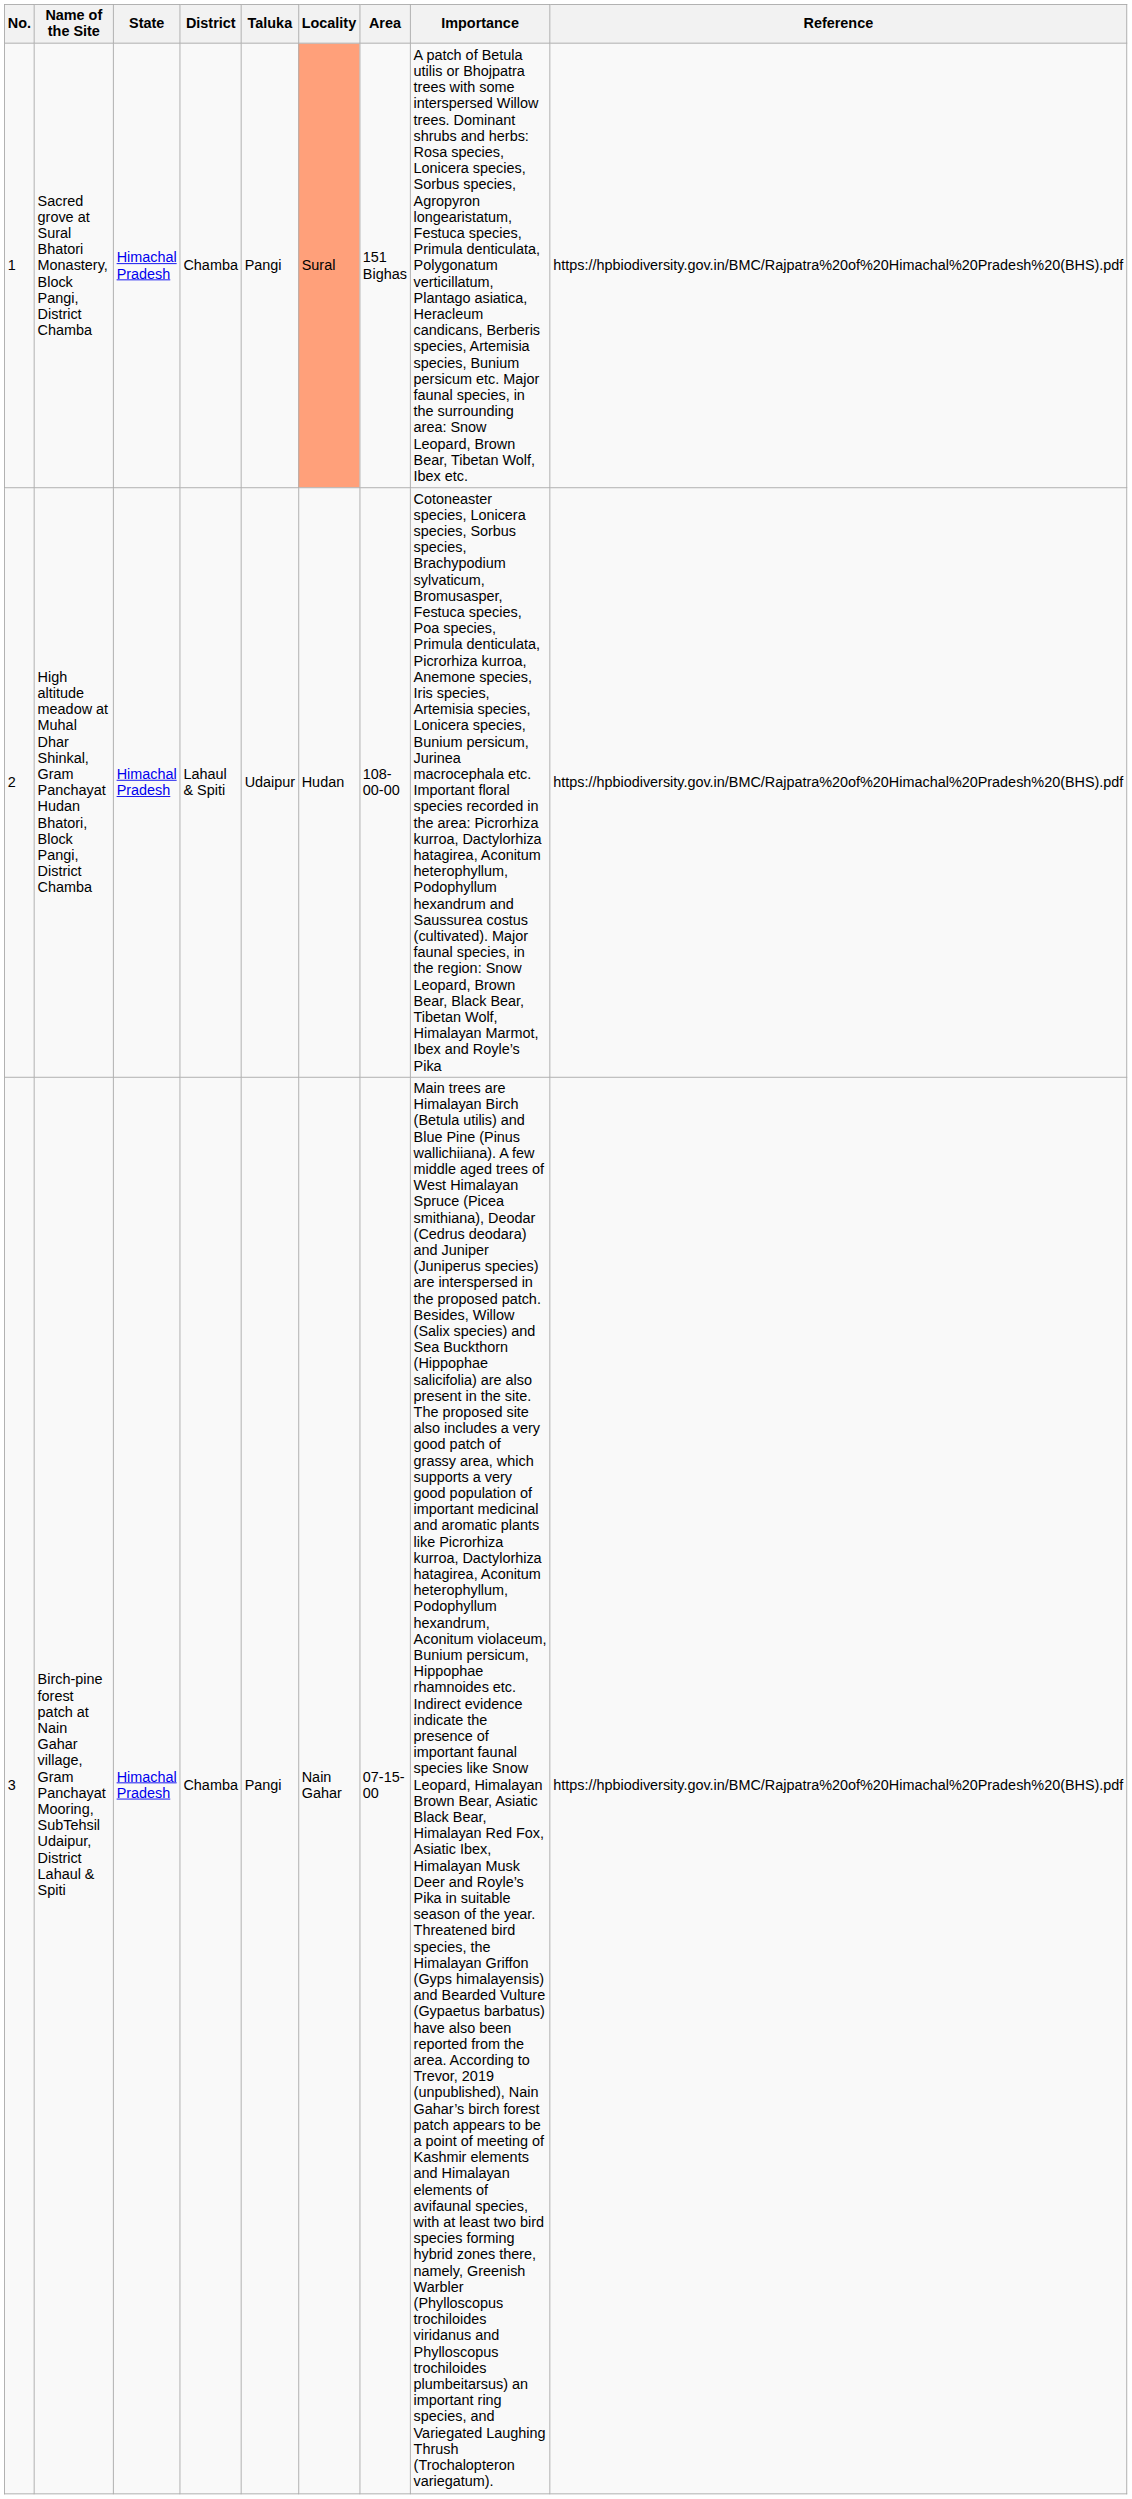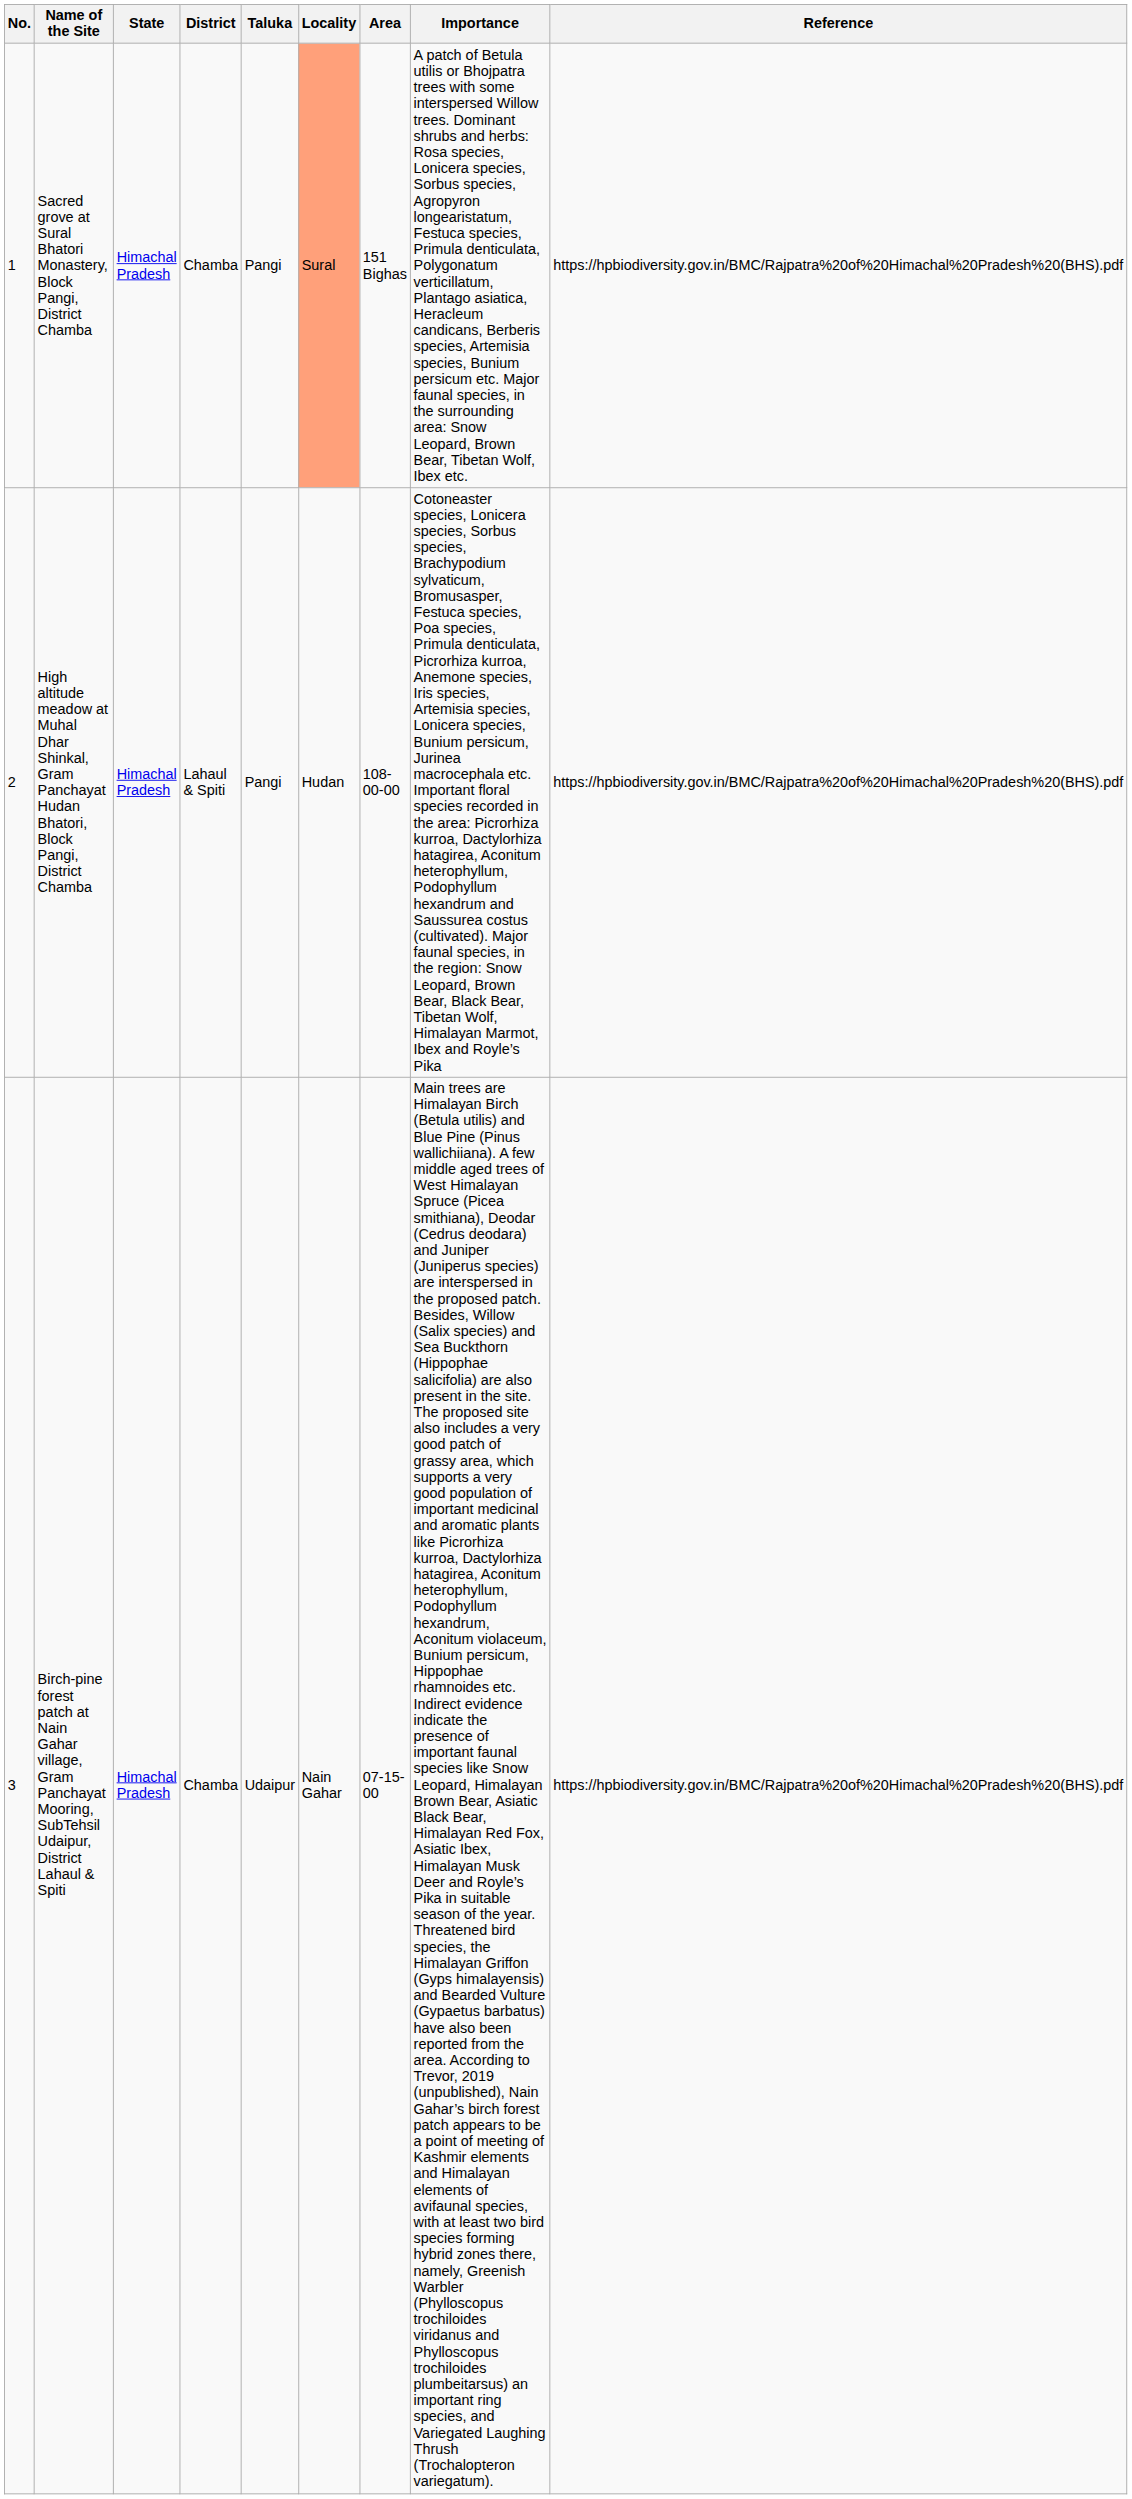 <table class="wikitable sortable">
 <tr>
 <th>No.</th>
 <th>Name of the Site</th>
 <th>State</th>
 <th>District</th>
 <th>Taluka</th>
 <th>Locality</th>
 <th>Area</th>
 <th>Importance</th>
 <th>Reference</th>
 </tr>
 <tr>
 <td>1</td>
 <td>Sacred grove at Sural Bhatori Monastery, Block Pangi, District Chamba</td>
 <td><a href='#'>Himachal Pradesh</a></td>
 <td>Chamba</td>
 <td>Pangi</td>
 <td style="background: lightsalmon;">Sural</td>
 <td>151 Bighas</td>
 <td>A patch of Betula utilis or Bhojpatra trees with some interspersed Willow trees. Dominant shrubs and herbs: Rosa species, Lonicera species, Sorbus species, Agropyron longearistatum, Festuca species, Primula denticulata, Polygonatum verticillatum, Plantago asiatica, Heracleum candicans, Berberis species, Artemisia species, Bunium persicum etc. Major faunal species, in the surrounding area: Snow Leopard, Brown Bear, Tibetan Wolf, Ibex etc.</td>
 <td>https://hpbiodiversity.gov.in/BMC/Rajpatra%20of%20Himachal%20Pradesh%20(BHS).pdf</td>
 </tr>
 <tr>
 <td>2</td>
 <td>High altitude meadow at Muhal Dhar Shinkal, Gram Panchayat Hudan Bhatori, Block Pangi, District Chamba</td>
 <td><a href='#'>Himachal Pradesh</a></td>
 <td>Lahaul & Spiti</td>
-<td>Udaipur</td>
+<td>Pangi</td>
 <td>Hudan</td>
 <td>108-00-00</td>
 <td>Cotoneaster species, Lonicera species, Sorbus species, Brachypodium sylvaticum, Bromusasper, Festuca species, Poa species, Primula denticulata, Picrorhiza kurroa, Anemone species, Iris species, Artemisia species, Lonicera species, Bunium persicum, Jurinea macrocephala etc. Important floral species recorded in the area: Picrorhiza kurroa, Dactylorhiza hatagirea, Aconitum heterophyllum, Podophyllum hexandrum and Saussurea costus (cultivated). Major faunal species, in the region: Snow Leopard, Brown Bear, Black Bear, Tibetan Wolf, Himalayan Marmot, Ibex and Royle’s Pika</td>
 <td>https://hpbiodiversity.gov.in/BMC/Rajpatra%20of%20Himachal%20Pradesh%20(BHS).pdf</td>
 </tr>
 <tr>
 <td>3</td>
 <td>Birch-pine forest patch at Nain Gahar village, Gram Panchayat Mooring, SubTehsil Udaipur, District Lahaul & Spiti</td>
 <td><a href='#'>Himachal Pradesh</a></td>
 <td>Chamba</td>
-<td>Pangi</td>
+<td>Udaipur</td>
 <td>Nain Gahar</td>
 <td>07-15-00</td>
 <td>Main trees are Himalayan Birch (Betula utilis) and Blue Pine (Pinus wallichiiana). A few middle aged trees of West Himalayan Spruce (Picea smithiana), Deodar (Cedrus deodara) and Juniper (Juniperus species) are interspersed in the proposed patch. Besides, Willow (Salix species) and Sea Buckthorn (Hippophae salicifolia) are also present in the site. The proposed site also includes a very good patch of grassy area, which supports a very good population of important medicinal and aromatic plants like Picrorhiza kurroa, Dactylorhiza hatagirea, Aconitum heterophyllum, Podophyllum hexandrum, Aconitum violaceum, Bunium persicum, Hippophae rhamnoides etc. Indirect evidence indicate the presence of important faunal species like Snow Leopard, Himalayan Brown Bear, Asiatic Black Bear, Himalayan Red Fox, Asiatic Ibex, Himalayan Musk Deer and Royle’s Pika in suitable season of the year. Threatened bird species, the Himalayan Griffon (Gyps himalayensis) and Bearded Vulture (Gypaetus barbatus) have also been reported from the area. According to Trevor, 2019 (unpublished), Nain Gahar’s birch forest patch appears to be a point of meeting of Kashmir elements and Himalayan elements of avifaunal species, with at least two bird species forming hybrid zones there, namely, Greenish Warbler (Phylloscopus trochiloides viridanus and Phylloscopus trochiloides plumbeitarsus) an important ring species, and Variegated Laughing Thrush (Trochalopteron variegatum).</td>
 <td>https://hpbiodiversity.gov.in/BMC/Rajpatra%20of%20Himachal%20Pradesh%20(BHS).pdf</td>
 </tr>
 </table>
